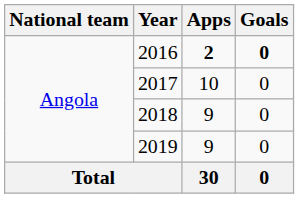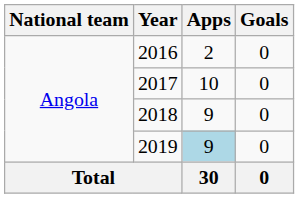 <table class="wikitable" style="text-align:center">
 <tr>
 <th>National team</th>
 <th>Year</th>
 <th>Apps</th>
 <th>Goals</th>
 </tr>
 <tr>
 <td rowspan="4"><a href='#'>Angola</a></td>
 <td>2016</td>
-<td><strong>2</strong></td>
-<td><strong>0</strong></td>
+<td>2</td>
+<td>0</td>
 </tr>
 <tr>
 <td>2017</td>
 <td>10</td>
 <td>0</td>
 </tr>
 <tr>
 <td>2018</td>
 <td>9</td>
 <td>0</td>
 </tr>
 <tr>
 <td>2019</td>
-<td>9</td>
+<td style="background: lightblue;">9</td>
 <td>0</td>
 </tr>
 <tr>
 <th colspan=2>Total</th>
 <th>30</th>
 <th>0</th>
 </tr>
 </table>
